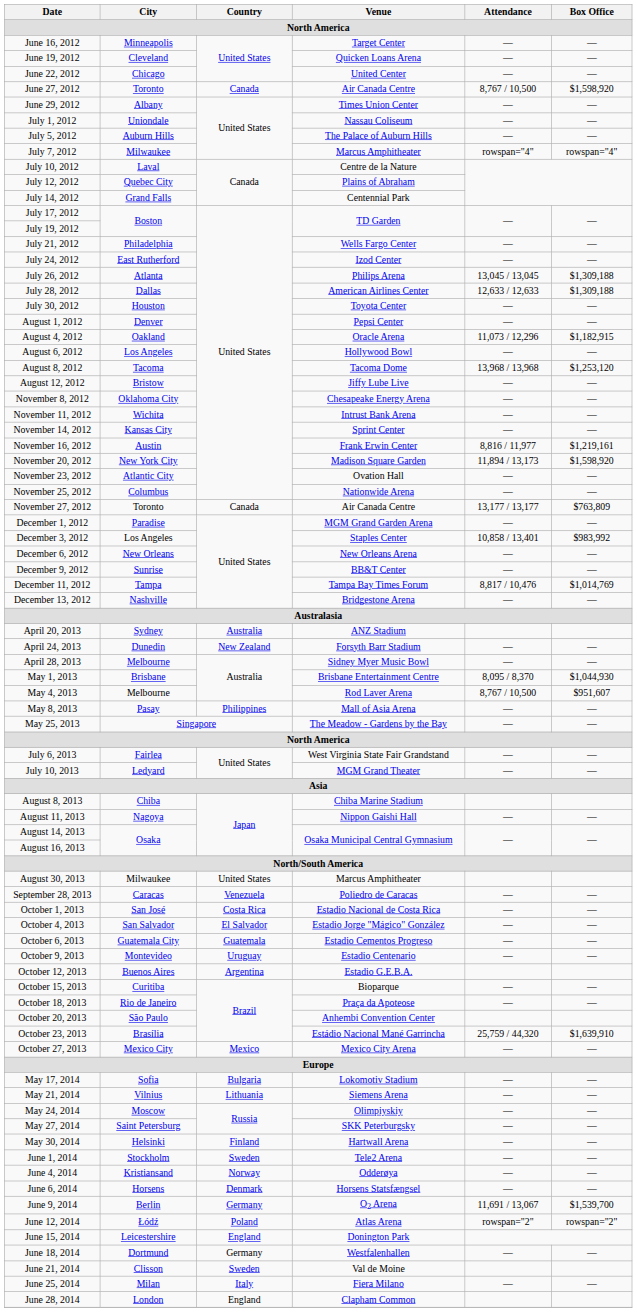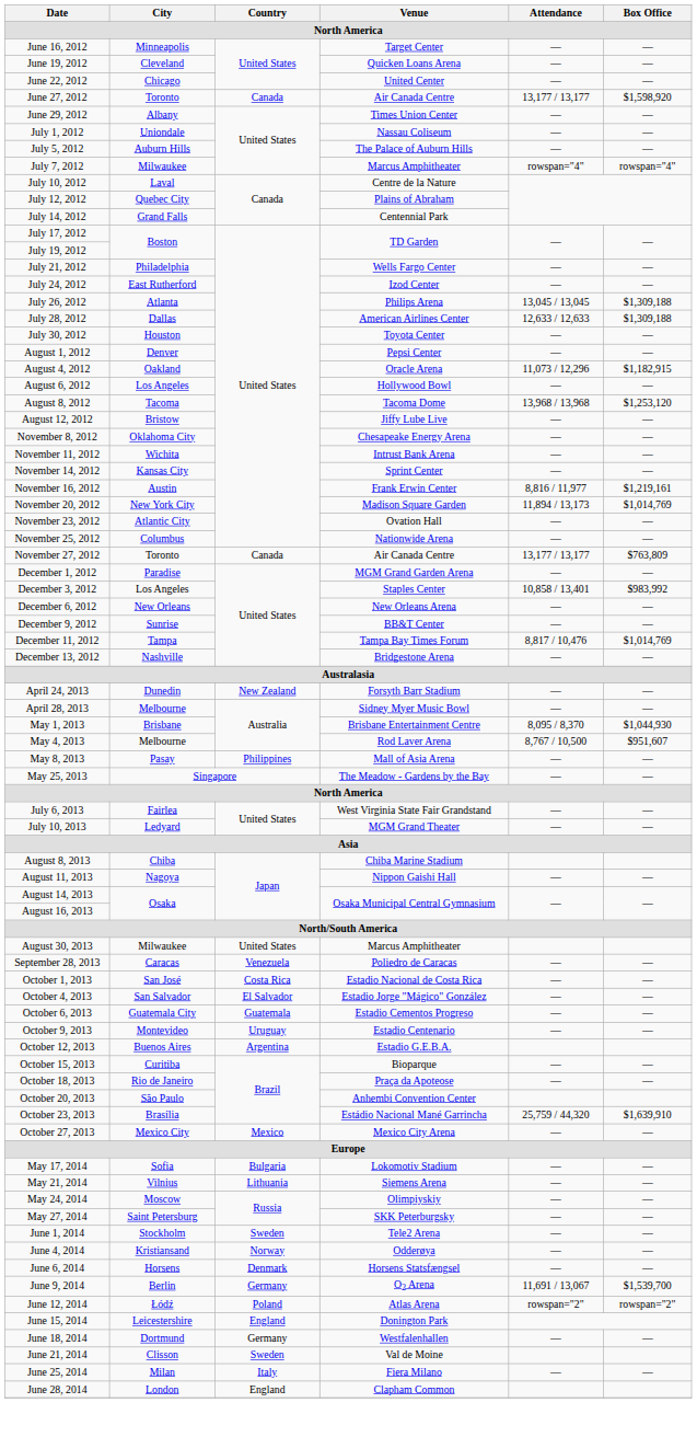 <table class="wikitable" style="text-align:center;">
 <tr>
 <th width="150">Date</th>
 <th width="150">City</th>
 <th width="150">Country</th>
 <th width="275">Venue</th>
 <th width="135">Attendance</th>
 <th width="125">Box Office</th>
 </tr>
 <tr>
 <th colspan="6" style="background:#DFDFDF;">North America</th>
 </tr>
 <tr>
 <td>June 16, 2012</td>
 <td><a href='#'>Minneapolis</a></td>
 <td rowspan="3"><a href='#'>United States</a></td>
 <td><a href='#'>Target Center</a></td>
 <td>—</td>
 <td>—</td>
 </tr>
 <tr>
 <td>June 19, 2012</td>
 <td><a href='#'>Cleveland</a></td>
 <td><a href='#'>Quicken Loans Arena</a></td>
 <td>—</td>
 <td>—</td>
 </tr>
 <tr>
 <td>June 22, 2012</td>
 <td><a href='#'>Chicago</a></td>
 <td><a href='#'>United Center</a></td>
 <td>—</td>
 <td>—</td>
 </tr>
 <tr>
 <td>June 27, 2012</td>
 <td><a href='#'>Toronto</a></td>
 <td><a href='#'>Canada</a></td>
 <td><a href='#'>Air Canada Centre</a></td>
-<td>8,767 / 10,500</td>
+<td>13,177 / 13,177</td>
 <td>$1,598,920</td>
 </tr>
 <tr>
 <td>June 29, 2012</td>
 <td><a href='#'>Albany</a></td>
 <td rowspan="4">United States</td>
 <td><a href='#'>Times Union Center</a></td>
 <td>—</td>
 <td>—</td>
 </tr>
 <tr>
 <td>July 1, 2012</td>
 <td><a href='#'>Uniondale</a></td>
 <td><a href='#'>Nassau Coliseum</a></td>
 <td>—</td>
 <td>—</td>
 </tr>
 <tr>
 <td>July 5, 2012</td>
 <td><a href='#'>Auburn Hills</a></td>
 <td><a href='#'>The Palace of Auburn Hills</a></td>
 <td>—</td>
 <td>—</td>
 </tr>
 <tr>
 <td>July 7, 2012</td>
 <td><a href='#'>Milwaukee</a></td>
 <td><a href='#'>Marcus Amphitheater</a></td>
 <td>rowspan="4" </td>
 <td>rowspan="4" </td>
 </tr>
 <tr>
 <td>July 10, 2012</td>
 <td><a href='#'>Laval</a></td>
 <td rowspan="3">Canada</td>
 <td>Centre de la Nature</td>
 </tr>
 <tr>
 <td>July 12, 2012</td>
 <td><a href='#'>Quebec City</a></td>
 <td><a href='#'>Plains of Abraham</a></td>
 </tr>
 <tr>
 <td>July 14, 2012</td>
 <td><a href='#'>Grand Falls</a></td>
 <td>Centennial Park</td>
 </tr>
 <tr>
 <td>July 17, 2012</td>
 <td rowspan="2"><a href='#'>Boston</a></td>
 <td rowspan="19">United States</td>
 <td rowspan="2"><a href='#'>TD Garden</a></td>
 <td rowspan="2">—</td>
 <td rowspan="2">—</td>
 </tr>
 <tr>
 <td>July 19, 2012</td>
 </tr>
 <tr>
 <td>July 21, 2012</td>
 <td><a href='#'>Philadelphia</a></td>
 <td><a href='#'>Wells Fargo Center</a></td>
 <td>—</td>
 <td>—</td>
 </tr>
 <tr>
 <td>July 24, 2012</td>
 <td><a href='#'>East Rutherford</a></td>
 <td><a href='#'>Izod Center</a></td>
 <td>—</td>
 <td>—</td>
 </tr>
 <tr>
 <td>July 26, 2012</td>
 <td><a href='#'>Atlanta</a></td>
 <td><a href='#'>Philips Arena</a></td>
 <td>13,045 / 13,045</td>
 <td>$1,309,188</td>
 </tr>
 <tr>
 <td>July 28, 2012</td>
 <td><a href='#'>Dallas</a></td>
 <td><a href='#'>American Airlines Center</a></td>
 <td>12,633 / 12,633</td>
 <td>$1,309,188</td>
 </tr>
 <tr>
 <td>July 30, 2012</td>
 <td><a href='#'>Houston</a></td>
 <td><a href='#'>Toyota Center</a></td>
 <td>—</td>
 <td>—</td>
 </tr>
 <tr>
 <td>August 1, 2012</td>
 <td><a href='#'>Denver</a></td>
 <td><a href='#'>Pepsi Center</a></td>
 <td>—</td>
 <td>—</td>
 </tr>
 <tr>
 <td>August 4, 2012</td>
 <td><a href='#'>Oakland</a></td>
 <td><a href='#'>Oracle Arena</a></td>
 <td>11,073 / 12,296</td>
 <td>$1,182,915</td>
 </tr>
 <tr>
 <td>August 6, 2012</td>
 <td><a href='#'>Los Angeles</a></td>
 <td><a href='#'>Hollywood Bowl</a></td>
 <td>—</td>
 <td>—</td>
 </tr>
 <tr>
 <td>August 8, 2012</td>
 <td><a href='#'>Tacoma</a></td>
 <td><a href='#'>Tacoma Dome</a></td>
 <td>13,968 / 13,968</td>
 <td>$1,253,120</td>
 </tr>
 <tr>
 <td>August 12, 2012</td>
 <td><a href='#'>Bristow</a></td>
 <td><a href='#'>Jiffy Lube Live</a></td>
 <td>—</td>
 <td>—</td>
 </tr>
 <tr>
 <td>November 8, 2012</td>
 <td><a href='#'>Oklahoma City</a></td>
 <td><a href='#'>Chesapeake Energy Arena</a></td>
 <td>—</td>
 <td>—</td>
 </tr>
 <tr>
 <td>November 11, 2012</td>
 <td><a href='#'>Wichita</a></td>
 <td><a href='#'>Intrust Bank Arena</a></td>
 <td>—</td>
 <td>—</td>
 </tr>
 <tr>
 <td>November 14, 2012</td>
 <td><a href='#'>Kansas City</a></td>
 <td><a href='#'>Sprint Center</a></td>
 <td>—</td>
 <td>—</td>
 </tr>
 <tr>
 <td>November 16, 2012</td>
 <td><a href='#'>Austin</a></td>
 <td><a href='#'>Frank Erwin Center</a></td>
 <td>8,816 / 11,977</td>
 <td>$1,219,161</td>
 </tr>
 <tr>
 <td>November 20, 2012</td>
 <td><a href='#'>New York City</a></td>
 <td><a href='#'>Madison Square Garden</a></td>
 <td>11,894 / 13,173</td>
-<td>$1,598,920</td>
+<td>$1,014,769</td>
 </tr>
 <tr>
 <td>November 23, 2012</td>
 <td><a href='#'>Atlantic City</a></td>
 <td>Ovation Hall</td>
 <td>—</td>
 <td>—</td>
 </tr>
 <tr>
 <td>November 25, 2012</td>
 <td><a href='#'>Columbus</a></td>
 <td><a href='#'>Nationwide Arena</a></td>
 <td>—</td>
 <td>—</td>
 </tr>
 <tr>
 <td>November 27, 2012</td>
 <td>Toronto</td>
 <td>Canada</td>
 <td>Air Canada Centre</td>
 <td>13,177 / 13,177</td>
 <td>$763,809</td>
 </tr>
 <tr>
 <td>December 1, 2012</td>
 <td><a href='#'>Paradise</a></td>
 <td rowspan="6">United States</td>
 <td><a href='#'>MGM Grand Garden Arena</a></td>
 <td>—</td>
 <td>—</td>
 </tr>
 <tr>
 <td>December 3, 2012</td>
 <td>Los Angeles</td>
 <td><a href='#'>Staples Center</a></td>
 <td>10,858 / 13,401</td>
 <td>$983,992</td>
 </tr>
 <tr>
 <td>December 6, 2012</td>
 <td><a href='#'>New Orleans</a></td>
 <td><a href='#'>New Orleans Arena</a></td>
 <td>—</td>
 <td>—</td>
 </tr>
 <tr>
 <td>December 9, 2012</td>
 <td><a href='#'>Sunrise</a></td>
 <td><a href='#'>BB&T Center</a></td>
 <td>—</td>
 <td>—</td>
 </tr>
 <tr>
 <td>December 11, 2012</td>
 <td><a href='#'>Tampa</a></td>
 <td><a href='#'>Tampa Bay Times Forum</a></td>
 <td>8,817 / 10,476</td>
 <td>$1,014,769</td>
 </tr>
 <tr>
 <td>December 13, 2012</td>
 <td><a href='#'>Nashville</a></td>
 <td><a href='#'>Bridgestone Arena</a></td>
 <td>—</td>
 <td>—</td>
 </tr>
 <tr>
 <th colspan="6" style="background:#DFDFDF;">Australasia</th>
-</tr>
-<tr>
-<td>April 20, 2013</td>
-<td><a href='#'>Sydney</a></td>
-<td><a href='#'>Australia</a></td>
-<td><a href='#'>ANZ Stadium</a></td>
-<td></td>
-<td></td>
 </tr>
 <tr>
 <td>April 24, 2013</td>
 <td><a href='#'>Dunedin</a></td>
 <td><a href='#'>New Zealand</a></td>
 <td><a href='#'>Forsyth Barr Stadium</a></td>
 <td>—</td>
 <td>—</td>
 </tr>
 <tr>
 <td>April 28, 2013</td>
 <td><a href='#'>Melbourne</a></td>
 <td rowspan="3">Australia</td>
 <td><a href='#'>Sidney Myer Music Bowl</a></td>
 <td>—</td>
 <td>—</td>
 </tr>
 <tr>
 <td>May 1, 2013</td>
 <td><a href='#'>Brisbane</a></td>
 <td><a href='#'>Brisbane Entertainment Centre</a></td>
 <td>8,095 / 8,370</td>
 <td>$1,044,930</td>
 </tr>
 <tr>
 <td>May 4, 2013</td>
 <td>Melbourne</td>
 <td><a href='#'>Rod Laver Arena</a></td>
 <td>8,767 / 10,500</td>
 <td>$951,607</td>
 </tr>
 <tr>
 <td>May 8, 2013</td>
 <td><a href='#'>Pasay</a></td>
 <td><a href='#'>Philippines</a></td>
 <td><a href='#'>Mall of Asia Arena</a></td>
 <td>—</td>
 <td>—</td>
 </tr>
 <tr>
 <td>May 25, 2013</td>
 <td colspan="2"><a href='#'>Singapore</a></td>
 <td><a href='#'>The Meadow - Gardens by the Bay</a></td>
 <td>—</td>
 <td>—</td>
 </tr>
 <tr>
 <th colspan="6" style="background:#DFDFDF;">North America</th>
 </tr>
 <tr>
 <td>July 6, 2013</td>
 <td><a href='#'>Fairlea</a></td>
 <td rowspan="2">United States</td>
 <td>West Virginia State Fair Grandstand</td>
 <td>—</td>
 <td>—</td>
 </tr>
 <tr>
 <td>July 10, 2013</td>
 <td><a href='#'>Ledyard</a></td>
 <td><a href='#'>MGM Grand Theater</a></td>
 <td>—</td>
 <td>—</td>
 </tr>
 <tr>
 <th colspan="6" style="background:#DFDFDF;">Asia</th>
 </tr>
 <tr>
 <td>August 8, 2013</td>
 <td><a href='#'>Chiba</a></td>
 <td rowspan="4"><a href='#'>Japan</a></td>
 <td><a href='#'>Chiba Marine Stadium</a></td>
 <td></td>
 <td></td>
 </tr>
 <tr>
 <td>August 11, 2013</td>
 <td><a href='#'>Nagoya</a></td>
 <td><a href='#'>Nippon Gaishi Hall</a></td>
 <td>—</td>
 <td>—</td>
 </tr>
 <tr>
 <td>August 14, 2013</td>
 <td rowspan="2"><a href='#'>Osaka</a></td>
 <td rowspan="2"><a href='#'>Osaka Municipal Central Gymnasium</a></td>
 <td rowspan="2">—</td>
 <td rowspan="2">—</td>
 </tr>
 <tr>
 <td>August 16, 2013</td>
 </tr>
 <tr>
 <th colspan="6" style="background:#DFDFDF;">North/South America</th>
 </tr>
 <tr>
 <td>August 30, 2013</td>
 <td>Milwaukee</td>
 <td>United States</td>
 <td>Marcus Amphitheater</td>
 <td></td>
 <td></td>
 </tr>
 <tr>
 <td>September 28, 2013</td>
 <td><a href='#'>Caracas</a></td>
 <td><a href='#'>Venezuela</a></td>
 <td><a href='#'>Poliedro de Caracas</a></td>
 <td>—</td>
 <td>—</td>
 </tr>
 <tr>
 <td>October 1, 2013</td>
 <td><a href='#'>San José</a></td>
 <td><a href='#'>Costa Rica</a></td>
 <td><a href='#'>Estadio Nacional de Costa Rica</a></td>
 <td>—</td>
 <td>—</td>
 </tr>
 <tr>
 <td>October 4, 2013</td>
 <td><a href='#'>San Salvador</a></td>
 <td><a href='#'>El Salvador</a></td>
 <td><a href='#'>Estadio Jorge "Mágico" González</a></td>
 <td>—</td>
 <td>—</td>
 </tr>
 <tr>
 <td>October 6, 2013</td>
 <td><a href='#'>Guatemala City</a></td>
 <td><a href='#'>Guatemala</a></td>
 <td><a href='#'>Estadio Cementos Progreso</a></td>
 <td>—</td>
 <td>—</td>
 </tr>
 <tr>
 <td>October 9, 2013</td>
 <td><a href='#'>Montevideo</a></td>
 <td><a href='#'>Uruguay</a></td>
 <td><a href='#'>Estadio Centenario</a></td>
 <td>—</td>
 <td>—</td>
 </tr>
 <tr>
 <td>October 12, 2013</td>
 <td><a href='#'>Buenos Aires</a></td>
 <td><a href='#'>Argentina</a></td>
 <td><a href='#'>Estadio G.E.B.A.</a></td>
 <td></td>
 <td></td>
 </tr>
 <tr>
 <td>October 15, 2013</td>
 <td><a href='#'>Curitiba</a></td>
 <td rowspan="4"><a href='#'>Brazil</a></td>
 <td>Bioparque</td>
 <td>—</td>
 <td>—</td>
 </tr>
 <tr>
 <td>October 18, 2013</td>
 <td><a href='#'>Rio de Janeiro</a></td>
 <td><a href='#'>Praça da Apoteose</a></td>
 <td>—</td>
 <td>—</td>
 </tr>
 <tr>
 <td>October 20, 2013</td>
 <td><a href='#'>São Paulo</a></td>
 <td><a href='#'>Anhembi Convention Center</a></td>
 <td></td>
 <td></td>
 </tr>
 <tr>
 <td>October 23, 2013</td>
 <td><a href='#'>Brasília</a></td>
 <td><a href='#'>Estádio Nacional Mané Garrincha</a></td>
 <td>25,759 / 44,320</td>
 <td>$1,639,910</td>
 </tr>
 <tr>
 <td>October 27, 2013</td>
 <td><a href='#'>Mexico City</a></td>
 <td><a href='#'>Mexico</a></td>
 <td><a href='#'>Mexico City Arena</a></td>
 <td>—</td>
 <td>—</td>
 </tr>
 <tr>
 <th colspan="6" style="background:#DFDFDF;">Europe</th>
 </tr>
 <tr>
 <td>May 17, 2014</td>
 <td><a href='#'>Sofia</a></td>
 <td><a href='#'>Bulgaria</a></td>
 <td><a href='#'>Lokomotiv Stadium</a></td>
 <td>—</td>
 <td>—</td>
 </tr>
 <tr>
 <td>May 21, 2014</td>
 <td><a href='#'>Vilnius</a></td>
 <td><a href='#'>Lithuania</a></td>
 <td><a href='#'>Siemens Arena</a></td>
 <td>—</td>
 <td>—</td>
 </tr>
 <tr>
 <td>May 24, 2014</td>
 <td><a href='#'>Moscow</a></td>
 <td rowspan="2"><a href='#'>Russia</a></td>
 <td><a href='#'>Olimpiyskiy</a></td>
 <td>—</td>
 <td>—</td>
 </tr>
 <tr>
 <td>May 27, 2014</td>
 <td><a href='#'>Saint Petersburg</a></td>
 <td><a href='#'>SKK Peterburgsky</a></td>
 <td>—</td>
 <td>—</td>
 </tr>
 <tr>
-<td>May 30, 2014</td>
-<td><a href='#'>Helsinki</a></td>
-<td><a href='#'>Finland</a></td>
-<td><a href='#'>Hartwall Arena</a></td>
-<td>—</td>
-<td>—</td>
-</tr>
-<tr>
 <td>June 1, 2014</td>
 <td><a href='#'>Stockholm</a></td>
 <td><a href='#'>Sweden</a></td>
 <td><a href='#'>Tele2 Arena</a></td>
 <td>—</td>
 <td>—</td>
 </tr>
 <tr>
 <td>June 4, 2014</td>
 <td><a href='#'>Kristiansand</a></td>
 <td><a href='#'>Norway</a></td>
 <td><a href='#'>Odderøya</a></td>
 <td>—</td>
 <td>—</td>
 </tr>
 <tr>
 <td>June 6, 2014</td>
 <td><a href='#'>Horsens</a></td>
 <td><a href='#'>Denmark</a></td>
 <td><a href='#'>Horsens Statsfængsel</a></td>
 <td>—</td>
 <td>—</td>
 </tr>
 <tr>
 <td>June 9, 2014</td>
 <td><a href='#'>Berlin</a></td>
 <td><a href='#'>Germany</a></td>
 <td><a href='#'>O<sub>2</sub> Arena</a></td>
 <td>11,691 / 13,067</td>
 <td>$1,539,700</td>
 </tr>
 <tr>
 <td>June 12, 2014</td>
 <td><a href='#'>Łódź</a></td>
 <td><a href='#'>Poland</a></td>
 <td><a href='#'>Atlas Arena</a></td>
 <td>rowspan="2" </td>
 <td>rowspan="2" </td>
 </tr>
 <tr>
 <td>June 15, 2014</td>
 <td><a href='#'>Leicestershire</a></td>
 <td><a href='#'>England</a></td>
 <td><a href='#'>Donington Park</a></td>
 </tr>
 <tr>
 <td>June 18, 2014</td>
 <td><a href='#'>Dortmund</a></td>
 <td>Germany</td>
 <td><a href='#'>Westfalenhallen</a></td>
 <td>—</td>
 <td>—</td>
 </tr>
 <tr>
 <td>June 21, 2014</td>
 <td><a href='#'>Clisson</a></td>
 <td><a href='#'>Sweden</a></td>
 <td>Val de Moine</td>
 <td></td>
 <td></td>
 </tr>
 <tr>
 <td>June 25, 2014</td>
 <td><a href='#'>Milan</a></td>
 <td><a href='#'>Italy</a></td>
 <td><a href='#'>Fiera Milano</a></td>
 <td>—</td>
 <td>—</td>
 </tr>
 <tr>
 <td>June 28, 2014</td>
 <td><a href='#'>London</a></td>
 <td>England</td>
 <td><a href='#'>Clapham Common</a></td>
 <td></td>
 <td></td>
 </tr>
 <tr>
 </tr>
 </table>
